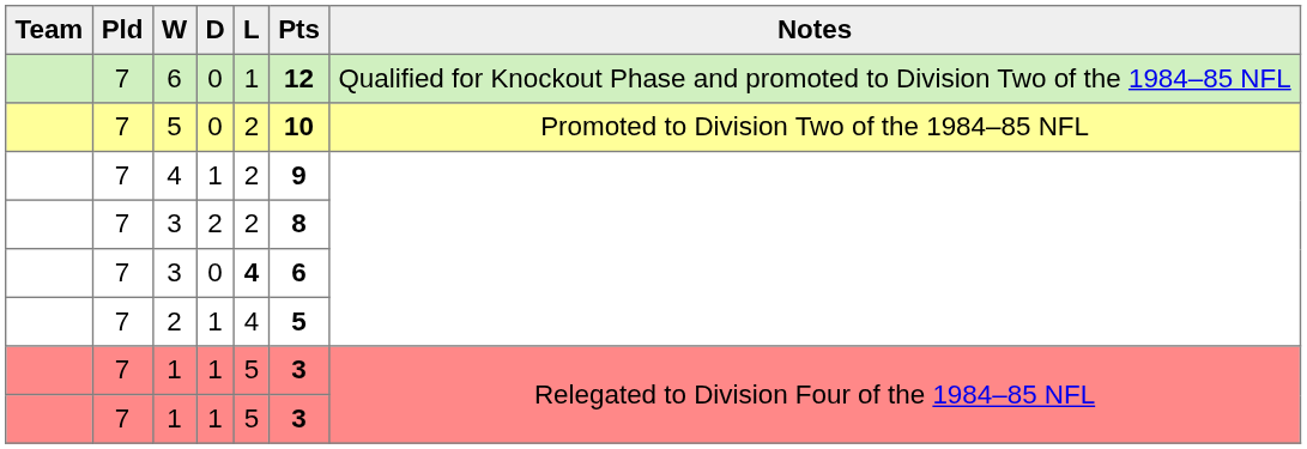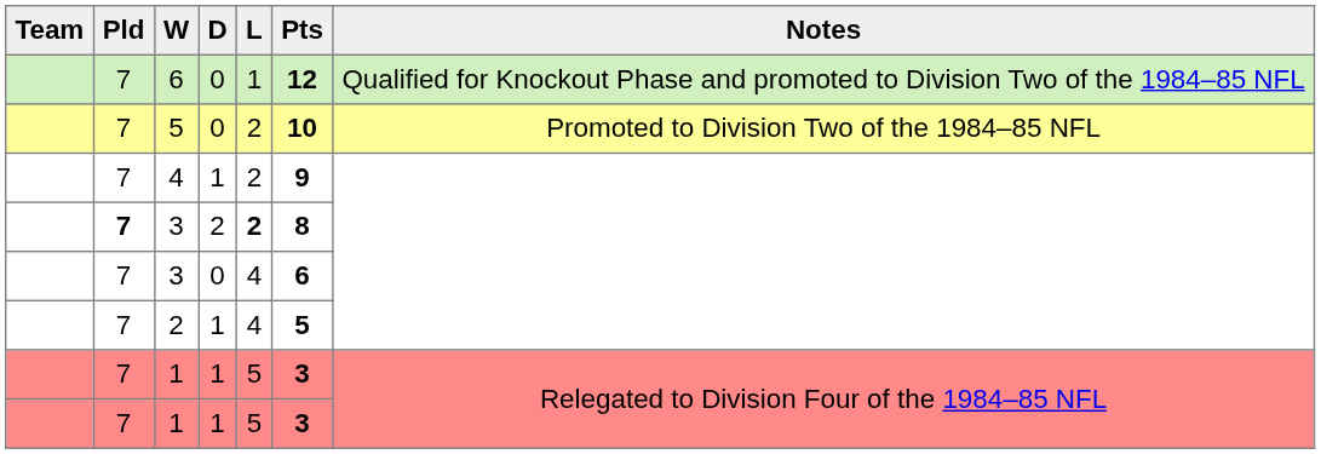 <table style=border-collapse:collapse border=1 cellspacing=0 cellpadding=5>
 <tr align=center bgcolor=#efefef>
 <th>Team</th>
 <th>Pld</th>
 <th>W</th>
 <th>D</th>
 <th>L</th>
 <th>Pts</th>
 <th>Notes</th>
 </tr>
 <tr align=center style="background:#D0F0C0;">
 <td style="text-align:left;"> </td>
 <td>7</td>
 <td>6</td>
 <td>0</td>
 <td>1</td>
 <td><strong>12</strong></td>
 <td rowspan=1>Qualified for Knockout Phase and promoted to Division Two of the <a href='#'>1984–85 NFL</a></td>
 </tr>
 <tr align=center style="background:#FFFF99;">
 <td style="text-align:left;"> </td>
 <td>7</td>
 <td>5</td>
 <td>0</td>
 <td>2</td>
 <td><strong>10</strong></td>
 <td>Promoted to Division Two of the 1984–85 NFL</td>
 </tr>
 <tr align=center style="background:#FFFFFF;">
 <td style="text-align:left;"> </td>
 <td>7</td>
 <td>4</td>
 <td>1</td>
 <td>2</td>
 <td><strong>9</strong></td>
 <td rowspan=4></td>
 </tr>
 <tr align=center style="background:#FFFFFF;">
 <td style="text-align:left;"> </td>
-<td>7</td>
+<td><strong>7</strong></td>
 <td>3</td>
 <td>2</td>
-<td>2</td>
+<td><strong>2</strong></td>
 <td><strong>8</strong></td>
 </tr>
 <tr align=center style="background:#FFFFFF;">
 <td style="text-align:left;"> </td>
 <td>7</td>
 <td>3</td>
 <td>0</td>
-<td><strong>4</strong></td>
+<td>4</td>
 <td><strong>6</strong></td>
 </tr>
 <tr align=center style="background:#FFFFFF;">
 <td style="text-align:left;"> </td>
 <td>7</td>
 <td>2</td>
 <td>1</td>
 <td>4</td>
 <td><strong>5</strong></td>
 </tr>
 <tr align=center style="background:#FF8888;">
 <td style="text-align:left;"> </td>
 <td>7</td>
 <td>1</td>
 <td>1</td>
 <td>5</td>
 <td><strong>3</strong></td>
 <td rowspan=2>Relegated to Division Four of the <a href='#'>1984–85 NFL</a></td>
 </tr>
 <tr align=center style="background:#FF8888;">
 <td style="text-align:left;"> </td>
 <td>7</td>
 <td>1</td>
 <td>1</td>
 <td>5</td>
 <td><strong>3</strong></td>
 </tr>
 </table>
